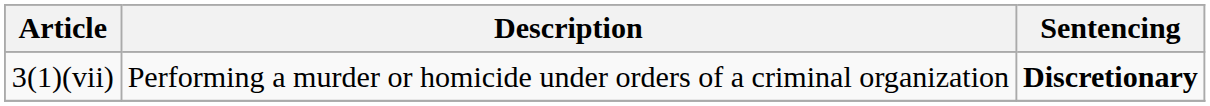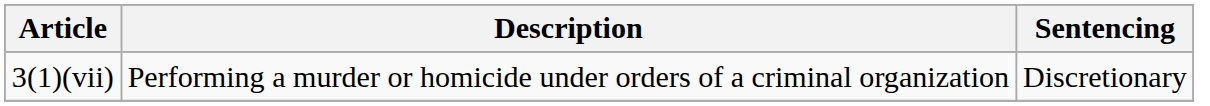 <table class="wikitable sortable">
 <tr>
 <th>Article</th>
 <th>Description</th>
 <th>Sentencing</th>
 </tr>
 <tr>
 <td>3(1)(vii)</td>
 <td>Performing a murder or homicide under orders of a criminal organization</td>
-<td><strong>Discretionary</strong></td>
+<td>Discretionary</td>
 </tr>
 <tr>
 </tr>
 </table>
